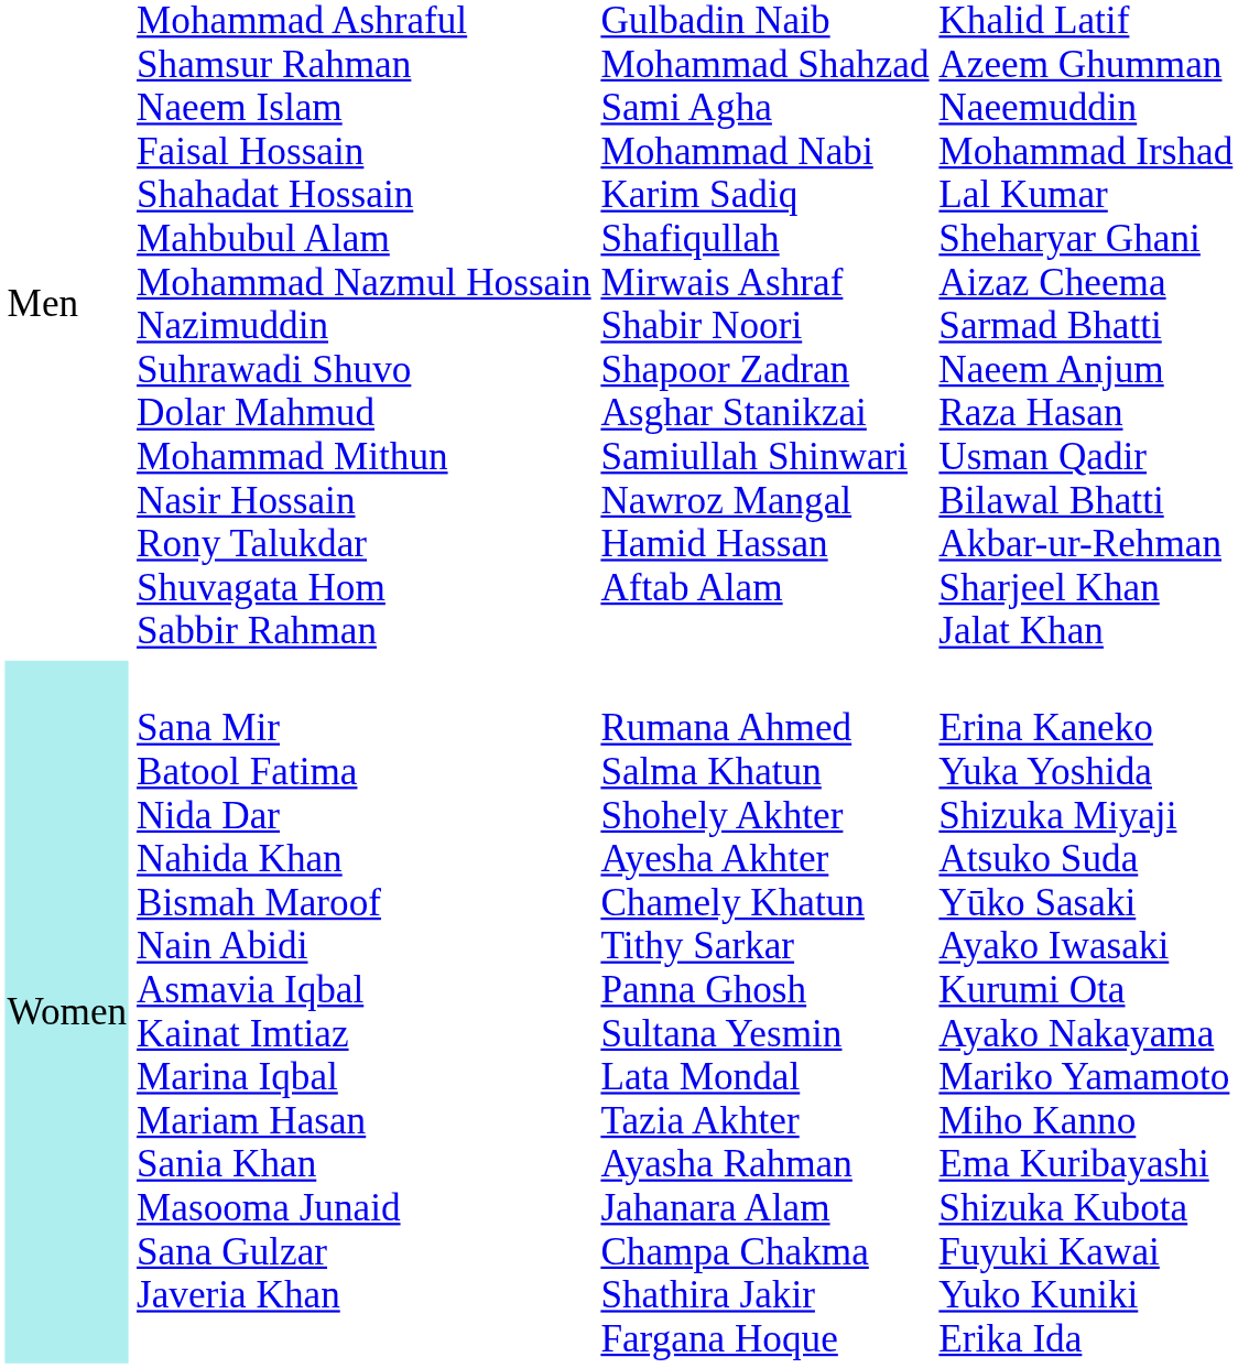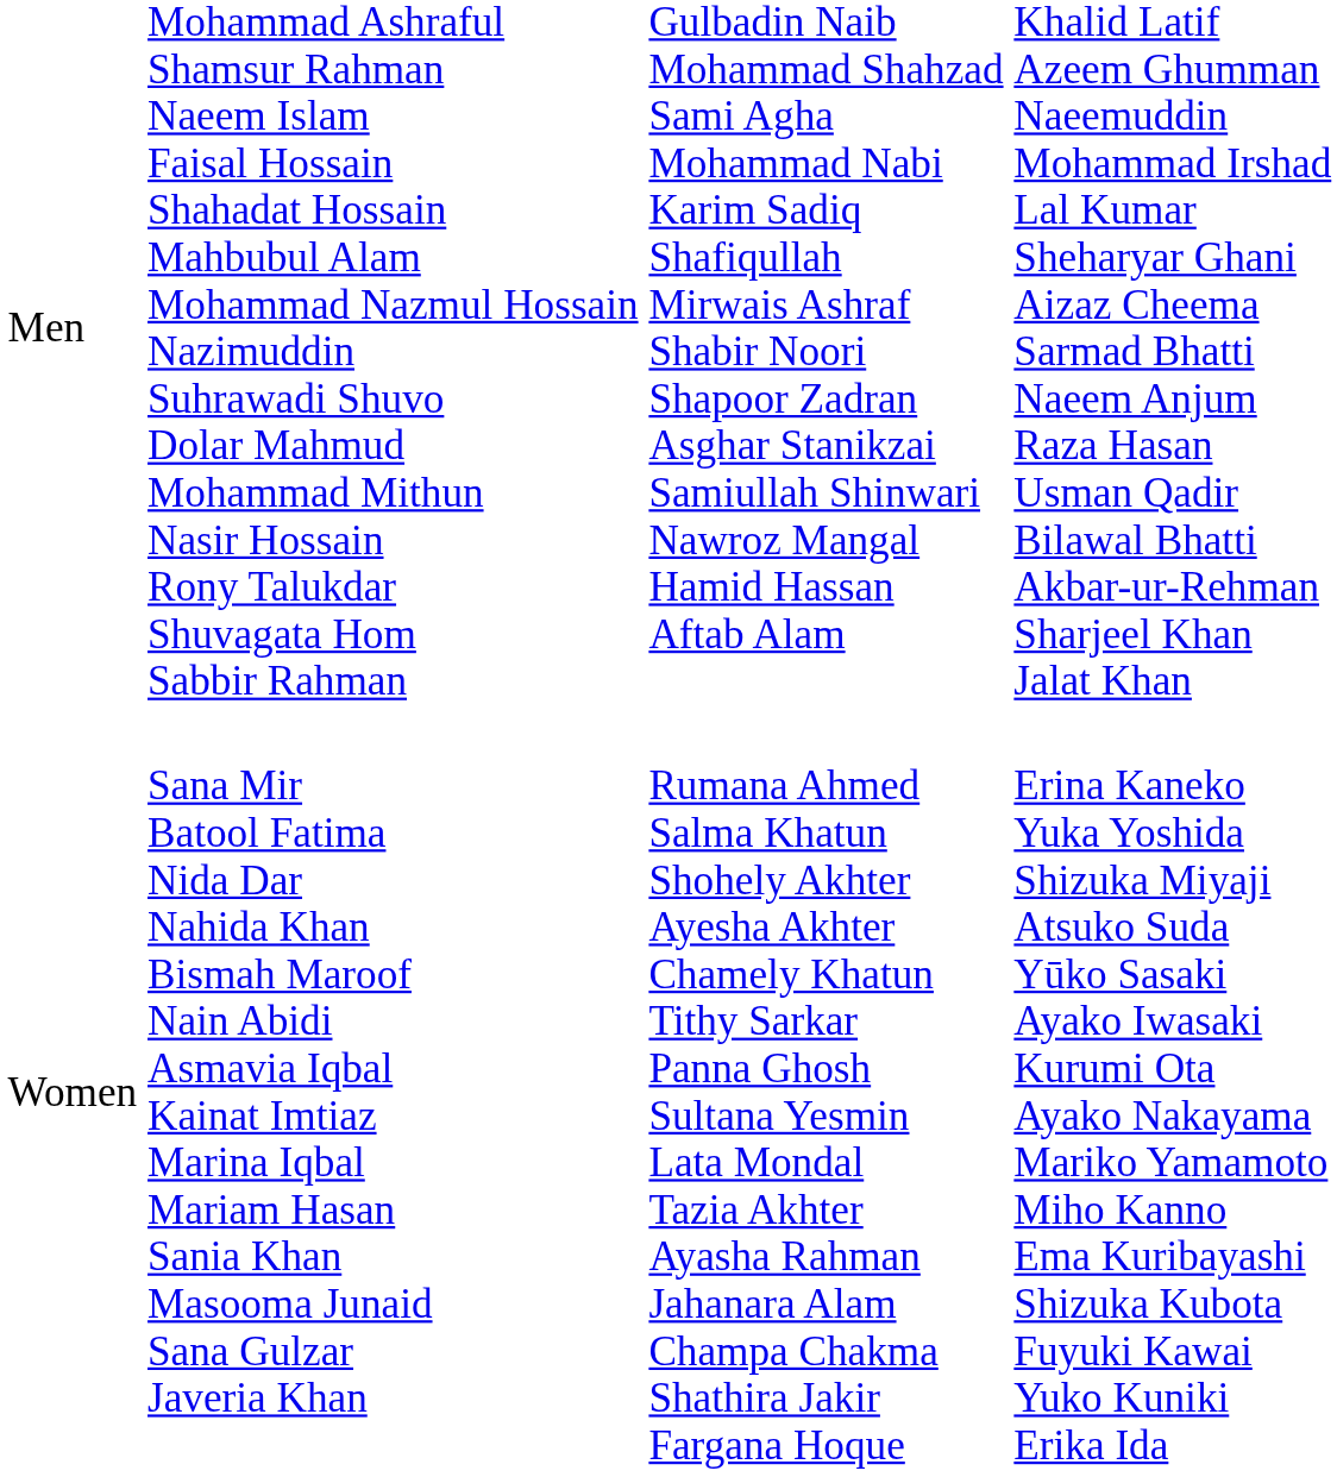 <table>
 <tr>
 <td>Men<br></td>
 <td><br><a href='#'>Mohammad Ashraful</a><br><a href='#'>Shamsur Rahman</a><br><a href='#'>Naeem Islam</a><br><a href='#'>Faisal Hossain</a><br><a href='#'>Shahadat Hossain</a><br><a href='#'>Mahbubul Alam</a><br><a href='#'>Mohammad Nazmul Hossain</a><br><a href='#'>Nazimuddin</a><br><a href='#'>Suhrawadi Shuvo</a><br><a href='#'>Dolar Mahmud</a><br><a href='#'>Mohammad Mithun</a><br><a href='#'>Nasir Hossain</a><br><a href='#'>Rony Talukdar</a><br><a href='#'>Shuvagata Hom</a><br><a href='#'>Sabbir Rahman</a></td>
 <td valign=top><br><a href='#'>Gulbadin Naib</a><br><a href='#'>Mohammad Shahzad</a><br><a href='#'>Sami Agha</a><br><a href='#'>Mohammad Nabi</a><br><a href='#'>Karim Sadiq</a><br><a href='#'>Shafiqullah</a><br><a href='#'>Mirwais Ashraf</a><br><a href='#'>Shabir Noori</a><br><a href='#'>Shapoor Zadran</a><br><a href='#'>Asghar Stanikzai</a><br><a href='#'>Samiullah Shinwari</a><br><a href='#'>Nawroz Mangal</a><br><a href='#'>Hamid Hassan</a><br><a href='#'>Aftab Alam</a></td>
 <td><br><a href='#'>Khalid Latif</a><br><a href='#'>Azeem Ghumman</a><br><a href='#'>Naeemuddin</a><br><a href='#'>Mohammad Irshad</a><br><a href='#'>Lal Kumar</a><br><a href='#'>Sheharyar Ghani</a><br><a href='#'>Aizaz Cheema</a><br><a href='#'>Sarmad Bhatti</a><br><a href='#'>Naeem Anjum</a><br><a href='#'>Raza Hasan</a><br><a href='#'>Usman Qadir</a><br><a href='#'>Bilawal Bhatti</a><br><a href='#'>Akbar-ur-Rehman</a><br><a href='#'>Sharjeel Khan</a><br><a href='#'>Jalat Khan</a></td>
 </tr>
 <tr>
-<td style="background: paleturquoise;">Women<br></td>
+<td>Women<br></td>
 <td valign=top><br><a href='#'>Sana Mir</a><br><a href='#'>Batool Fatima</a><br><a href='#'>Nida Dar</a><br><a href='#'>Nahida Khan</a><br><a href='#'>Bismah Maroof</a><br><a href='#'>Nain Abidi</a><br><a href='#'>Asmavia Iqbal</a><br><a href='#'>Kainat Imtiaz</a><br><a href='#'>Marina Iqbal</a><br><a href='#'>Mariam Hasan</a><br><a href='#'>Sania Khan</a><br><a href='#'>Masooma Junaid</a><br><a href='#'>Sana Gulzar</a><br><a href='#'>Javeria Khan</a></td>
 <td><br><a href='#'>Rumana Ahmed</a><br><a href='#'>Salma Khatun</a><br><a href='#'>Shohely Akhter</a><br><a href='#'>Ayesha Akhter</a><br><a href='#'>Chamely Khatun</a><br><a href='#'>Tithy Sarkar</a><br><a href='#'>Panna Ghosh</a><br><a href='#'>Sultana Yesmin</a><br><a href='#'>Lata Mondal</a><br><a href='#'>Tazia Akhter</a><br><a href='#'>Ayasha Rahman</a><br><a href='#'>Jahanara Alam</a><br><a href='#'>Champa Chakma</a><br><a href='#'>Shathira Jakir</a><br><a href='#'>Fargana Hoque</a></td>
 <td><br><a href='#'>Erina Kaneko</a><br><a href='#'>Yuka Yoshida</a><br><a href='#'>Shizuka Miyaji</a><br><a href='#'>Atsuko Suda</a><br><a href='#'>Yūko Sasaki</a><br><a href='#'>Ayako Iwasaki</a><br><a href='#'>Kurumi Ota</a><br><a href='#'>Ayako Nakayama</a><br><a href='#'>Mariko Yamamoto</a><br><a href='#'>Miho Kanno</a><br><a href='#'>Ema Kuribayashi</a><br><a href='#'>Shizuka Kubota</a><br><a href='#'>Fuyuki Kawai</a><br><a href='#'>Yuko Kuniki</a><br><a href='#'>Erika Ida</a></td>
 </tr>
 </table>
